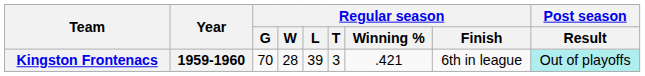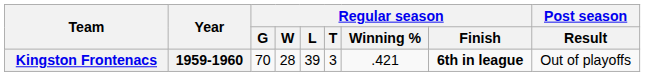 <table class="wikitable" style="font-size: 95%; text-align:center; width:45em;">
 <tr>
 <th rowspan="2">Team</th>
 <th rowspan="2">Year</th>
 <th colspan="6"><a href='#'>Regular season</a></th>
 <th colspan="1"><a href='#'>Post season</a></th>
 </tr>
 <tr>
 <th>G</th>
 <th>W</th>
 <th>L</th>
 <th>T</th>
 <th>Winning %</th>
 <th>Finish</th>
 <th>Result</th>
 </tr>
 <tr>
 <th><a href='#'>Kingston Frontenacs</a></th>
 <th>1959-1960</th>
 <td>70</td>
 <td>28</td>
 <td>39</td>
 <td>3</td>
 <td>.421</td>
-<td>6th in league</td>
-<td style="background: paleturquoise;">Out of playoffs</td>
+<td><strong>6th in league</strong></td>
+<td>Out of playoffs</td>
 </tr>
 </table>
